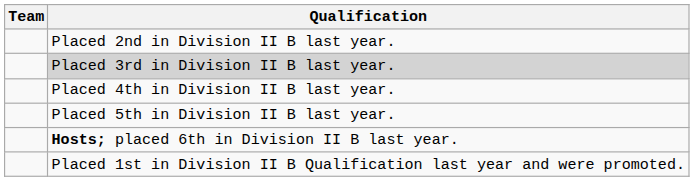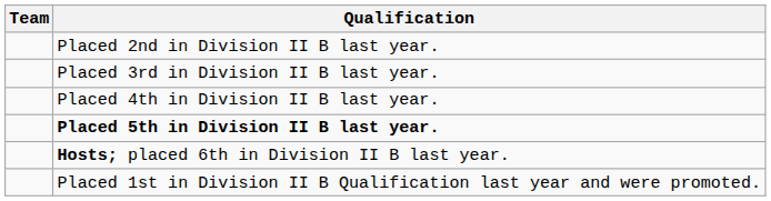 <table class="wikitable">
 <tr>
 <th>Team</th>
 <th>Qualification</th>
 </tr>
 <tr>
 <td></td>
 <td>Placed 2nd in Division II B last year.</td>
 </tr>
 <tr>
 <td></td>
-<td style="background: lightgrey;">Placed 3rd in Division II B last year.</td>
+<td>Placed 3rd in Division II B last year.</td>
 </tr>
 <tr>
 <td></td>
 <td>Placed 4th in Division II B last year.</td>
 </tr>
 <tr>
 <td></td>
-<td>Placed 5th in Division II B last year.</td>
+<td><strong>Placed 5th in Division II B last year.</strong></td>
 </tr>
 <tr>
 <td></td>
 <td><strong>Hosts;</strong> placed 6th in Division II B last year.</td>
 </tr>
 <tr>
 <td></td>
 <td>Placed 1st in Division II B Qualification last year and were promoted.</td>
 </tr>
 </table>
